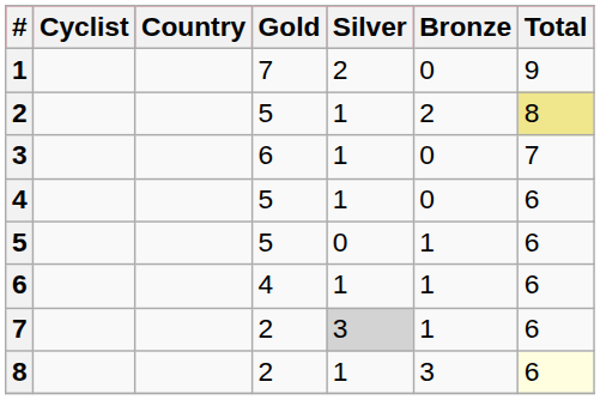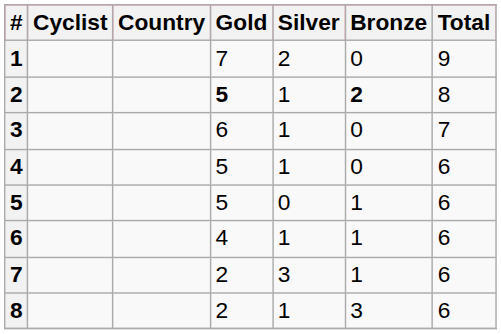 <table class="wikitable sortable sticky-header defaultcenter col3left">
 <tr bgcolor="#FF0033">
 <th scope="col">#</th>
 <th scope="col">Cyclist</th>
 <th scope="col">Country</th>
 <th scope="col">Gold</th>
 <th scope="col">Silver</th>
 <th scope="col">Bronze</th>
 <th scope="col">Total</th>
 </tr>
 <tr>
 <th scope="row">1</th>
 <td></td>
 <td></td>
 <td>7</td>
 <td>2</td>
 <td>0</td>
 <td>9</td>
 </tr>
 <tr>
 <th scope="row">2</th>
 <td></td>
 <td></td>
-<td>5</td>
+<td><strong>5</strong></td>
 <td>1</td>
-<td>2</td>
-<td style="background: khaki;">8</td>
+<td><strong>2</strong></td>
+<td>8</td>
 </tr>
 <tr>
 <th scope="row">3</th>
 <td></td>
 <td></td>
 <td>6</td>
 <td>1</td>
 <td>0</td>
 <td>7</td>
 </tr>
 <tr>
 <th scope="row">4</th>
 <td></td>
 <td></td>
 <td>5</td>
 <td>1</td>
 <td>0</td>
 <td>6</td>
 </tr>
 <tr>
 <th scope="row">5</th>
 <td><strong></strong></td>
 <td></td>
 <td>5</td>
 <td>0</td>
 <td>1</td>
 <td>6</td>
 </tr>
 <tr>
 <th scope="row">6</th>
 <td></td>
 <td></td>
 <td>4</td>
 <td>1</td>
 <td>1</td>
 <td>6</td>
 </tr>
 <tr>
 <th scope="row">7</th>
 <td></td>
 <td></td>
 <td>2</td>
-<td style="background: lightgrey;">3</td>
+<td>3</td>
 <td>1</td>
 <td>6</td>
 </tr>
 <tr>
 <th scope="row">8</th>
 <td></td>
 <td></td>
 <td>2</td>
 <td>1</td>
 <td>3</td>
-<td style="background: lightyellow;">6</td>
+<td>6</td>
 </tr>
 <tr>
 </tr>
 </table>
